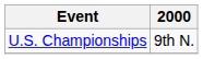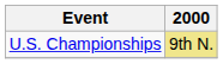 <table class="wikitable">
 <tr>
 <th>Event</th>
 <th>2000</th>
 </tr>
 <tr>
 <td><a href='#'>U.S. Championships</a></td>
-<td align="center">9th N.</td>
+<td align="center" style="background: khaki;">9th N.</td>
 </tr>
 <tr>
 </tr>
 </table>
